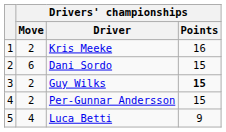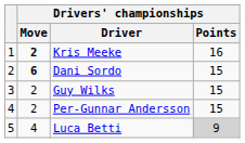 <table class="wikitable" style="font-size:85%;">
 <tr>
 <th rowspan="2"></th>
 <th colspan="3">Drivers' championships</th>
 </tr>
 <tr>
 <th>Move</th>
 <th>Driver</th>
 <th>Points</th>
 </tr>
 <tr>
 <td align="center">1</td>
-<td align="center"> 2</td>
+<td align="center"><strong> 2</strong></td>
 <td> <a href='#'>Kris Meeke</a></td>
 <td align="center">16</td>
 </tr>
 <tr>
 <td align="center">2</td>
-<td align="center"> 6</td>
+<td align="center"><strong> 6</strong></td>
 <td> <a href='#'>Dani Sordo</a></td>
 <td align="center">15</td>
 </tr>
 <tr>
 <td align="center">3</td>
 <td align="center"> 2</td>
 <td> <a href='#'>Guy Wilks</a></td>
-<td align="center"><strong>15</strong></td>
+<td align="center">15</td>
 </tr>
 <tr>
 <td align="center">4</td>
 <td align="center"> 2</td>
 <td> <a href='#'>Per-Gunnar Andersson</a></td>
 <td align="center">15</td>
 </tr>
 <tr>
 <td align="center">5</td>
 <td align="center"> 4</td>
 <td> <a href='#'>Luca Betti</a></td>
-<td align="center">9</td>
+<td align="center" style="background: lightgrey;">9</td>
 </tr>
 </table>
